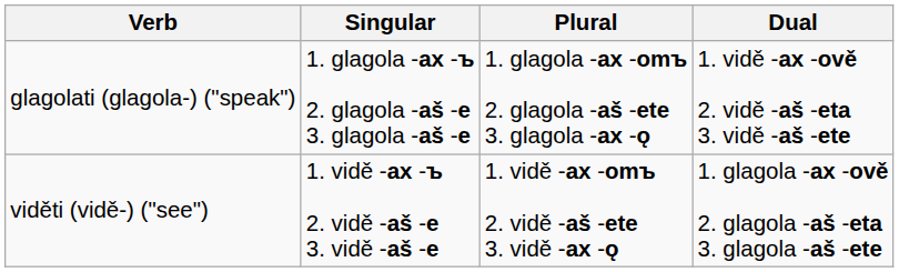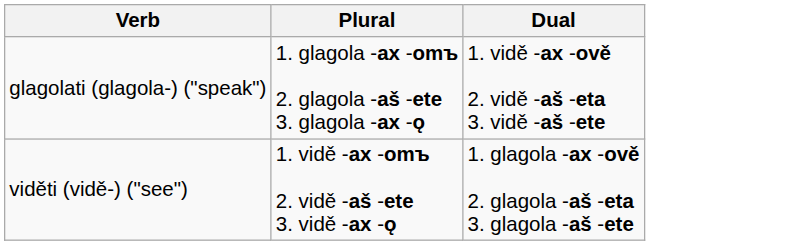 <table class="wikitable">
 <tr>
 <th>Verb</th>
-<th>Singular</th>
 <th>Plural</th>
 <th>Dual</th>
 </tr>
 <tr>
 <td>glagolati (glagola-) ("speak")</td>
-<td>1. glagola -<strong>ax</strong> -<strong>ъ</strong><br><br>2. glagola -<strong>aš</strong> -<strong>e</strong><br> 3. glagola -<strong>aš</strong> -<strong>e</strong><br></td>
 <td>1. glagola -<strong>ax</strong> -<strong>omъ</strong><br><br>2. glagola -<strong>aš</strong> -<strong>ete</strong><br> 3. glagola -<strong>ax</strong> -<strong>ǫ</strong><br></td>
 <td>1. vidě -<strong>ax</strong> -<strong>ově</strong><br><br>2. vidě -<strong>aš</strong> -<strong>eta</strong><br> 3. vidě -<strong>aš</strong> -<strong>ete</strong><br></td>
 </tr>
 <tr>
 <td>viděti (vidě-) ("see")</td>
-<td>1. vidě -<strong>ax</strong> -<strong>ъ</strong><br><br>2. vidě -<strong>aš</strong> -<strong>e</strong><br> 3. vidě -<strong>aš</strong> -<strong>e</strong><br></td>
 <td>1. vidě -<strong>ax</strong> -<strong>omъ</strong><br><br>2. vidě -<strong>aš</strong> -<strong>ete</strong><br> 3. vidě -<strong>ax</strong> -<strong>ǫ</strong><br></td>
 <td>1. glagola -<strong>ax</strong> -<strong>ově</strong><br><br>2. glagola -<strong>aš</strong> -<strong>eta</strong><br> 3. glagola -<strong>aš</strong> -<strong>ete</strong><br></td>
 </tr>
 </table>
